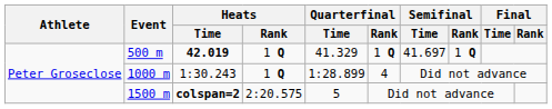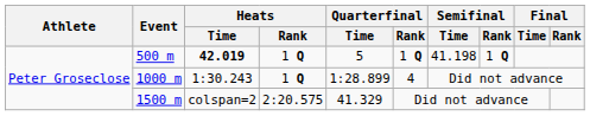 <table class="wikitable" style="font-size:90%">
 <tr>
 <th rowspan=2>Athlete</th>
 <th rowspan=2>Event</th>
 <th colspan=2>Heats</th>
 <th colspan=2>Quarterfinal</th>
 <th colspan=2>Semifinal</th>
 <th colspan=2>Final</th>
 </tr>
 <tr style="font-size:95%">
 <th>Time</th>
 <th>Rank</th>
 <th>Time</th>
 <th>Rank</th>
 <th>Time</th>
 <th>Rank</th>
 <th>Time</th>
 <th>Rank</th>
 </tr>
 <tr align=center>
 <td align=left rowspan=3><a href='#'>Peter Groseclose</a></td>
 <td align=left><a href='#'>500 m</a></td>
 <td><strong>42.019</strong></td>
 <td>1 <strong>Q</strong></td>
-<td>41.329</td>
+<td>5</td>
 <td>1 <strong>Q</strong></td>
-<td>41.697</td>
+<td>41.198</td>
 <td>1 <strong>Q</strong></td>
 <td colspan=2></td>
 </tr>
 <tr align=center>
 <td align=left><a href='#'>1000 m</a></td>
 <td>1:30.243</td>
 <td>1 <strong>Q</strong></td>
 <td>1:28.899</td>
 <td>4</td>
 <td colspan=4>Did not advance</td>
 </tr>
 <tr align=center>
 <td align=left><a href='#'>1500 m</a></td>
-<td><strong>colspan=2</strong></td>
+<td>colspan=2</td>
 <td>2:20.575</td>
-<td>5</td>
+<td>41.329</td>
 <td colspan=4>Did not advance</td>
 </tr>
 </table>
